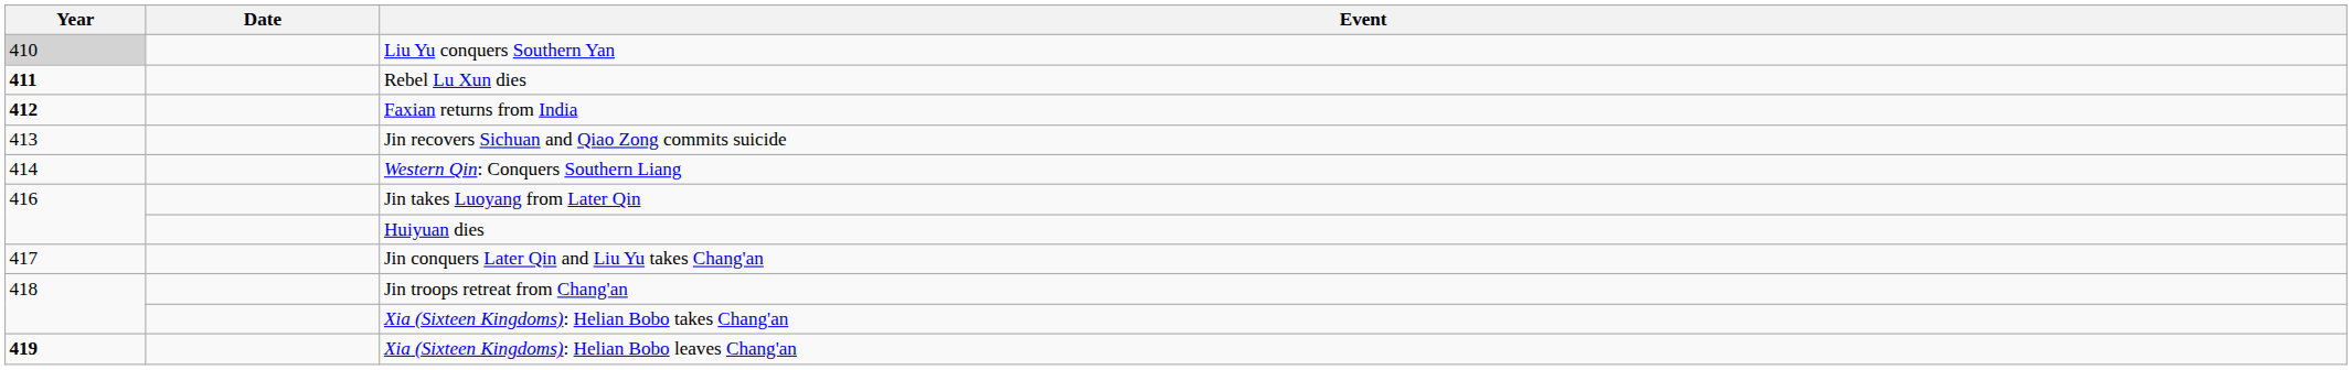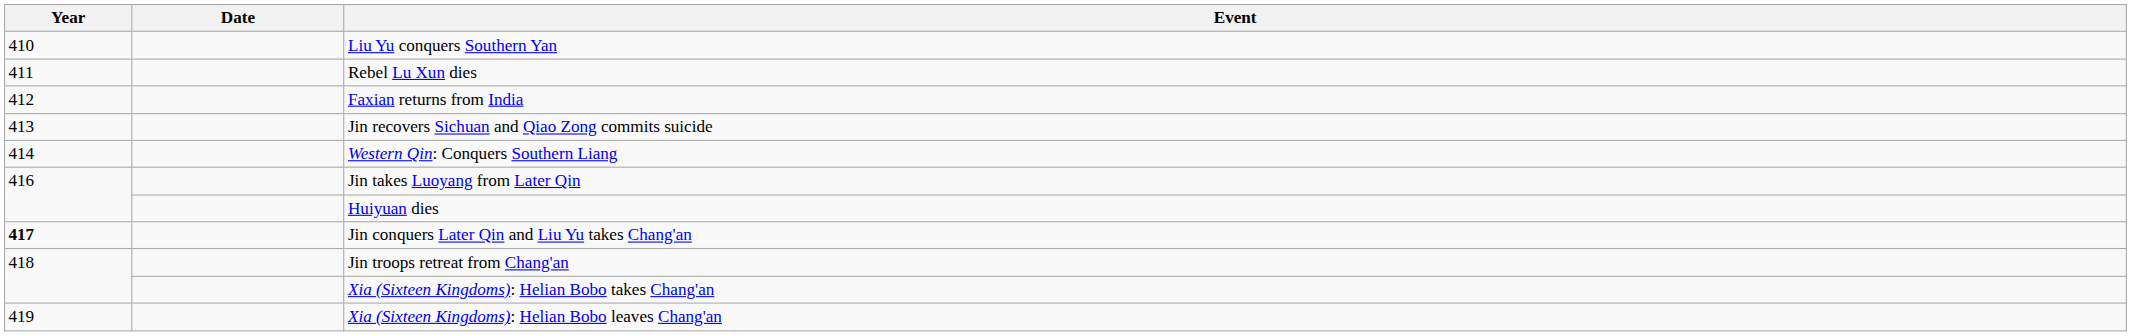 <table class="wikitable" style="width:100%;">
 <tr>
 <th style="width:6%">Year</th>
 <th style="width:10%">Date</th>
 <th>Event</th>
 </tr>
 <tr>
-<td style="background: lightgrey;">410</td>
+<td>410</td>
 <td></td>
 <td><a href='#'>Liu Yu</a> conquers <a href='#'>Southern Yan</a></td>
 </tr>
 <tr>
-<td><strong>411</strong></td>
+<td>411</td>
 <td></td>
 <td>Rebel <a href='#'>Lu Xun</a> dies</td>
 </tr>
 <tr>
-<td><strong>412</strong></td>
+<td>412</td>
 <td></td>
 <td><a href='#'>Faxian</a> returns from <a href='#'>India</a></td>
 </tr>
 <tr>
 <td>413</td>
 <td></td>
 <td>Jin recovers <a href='#'>Sichuan</a> and <a href='#'>Qiao Zong</a> commits suicide</td>
 </tr>
 <tr>
 <td>414</td>
 <td></td>
 <td><em><a href='#'>Western Qin</a></em>: Conquers <a href='#'>Southern Liang</a></td>
 </tr>
 <tr>
 <td rowspan="2" style="vertical-align:top;">416</td>
 <td></td>
 <td>Jin takes <a href='#'>Luoyang</a> from <a href='#'>Later Qin</a></td>
 </tr>
 <tr>
 <td></td>
 <td><a href='#'>Huiyuan</a> dies</td>
 </tr>
 <tr>
-<td>417</td>
+<td><strong>417</strong></td>
 <td></td>
 <td>Jin conquers <a href='#'>Later Qin</a> and <a href='#'>Liu Yu</a> takes <a href='#'>Chang'an</a></td>
 </tr>
 <tr>
 <td rowspan="2" style="vertical-align:top;">418</td>
 <td></td>
 <td>Jin troops retreat from <a href='#'>Chang'an</a></td>
 </tr>
 <tr>
 <td></td>
 <td><em><a href='#'>Xia (Sixteen Kingdoms)</a></em>: <a href='#'>Helian Bobo</a> takes <a href='#'>Chang'an</a></td>
 </tr>
 <tr>
-<td><strong>419</strong></td>
+<td>419</td>
 <td></td>
 <td><em><a href='#'>Xia (Sixteen Kingdoms)</a></em>: <a href='#'>Helian Bobo</a> leaves <a href='#'>Chang'an</a></td>
 </tr>
 </table>
